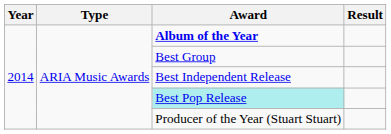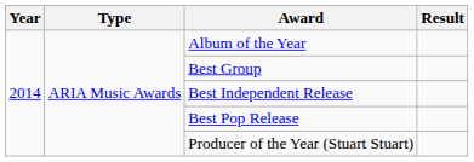 <table class="wikitable">
 <tr>
 <th>Year</th>
 <th>Type</th>
 <th>Award</th>
 <th>Result</th>
 </tr>
 <tr>
 <td rowspan="5"><a href='#'>2014</a></td>
 <td rowspan="5"><a href='#'>ARIA Music Awards</a></td>
-<td><strong><a href='#'>Album of the Year</a></strong></td>
+<td><a href='#'>Album of the Year</a></td>
 <td></td>
 </tr>
 <tr>
 <td><a href='#'>Best Group</a></td>
 <td></td>
 </tr>
 <tr>
 <td><a href='#'>Best Independent Release</a></td>
 <td></td>
 </tr>
 <tr>
-<td style="background: paleturquoise;"><a href='#'>Best Pop Release</a></td>
+<td><a href='#'>Best Pop Release</a></td>
 <td></td>
 </tr>
 <tr>
 <td>Producer of the Year (Stuart Stuart)</td>
 <td></td>
 </tr>
 </table>
